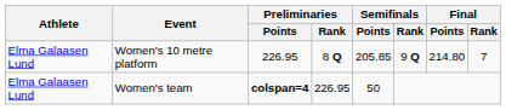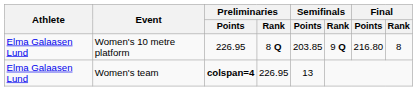 <table class="wikitable" style="text-align:center; font-size:90%;">
 <tr>
 <th rowspan=2>Athlete</th>
 <th rowspan=2>Event</th>
 <th colspan=2>Preliminaries</th>
 <th colspan=2>Semifinals</th>
 <th colspan=2>Final</th>
 </tr>
 <tr style="font-size:95%">
 <th>Points</th>
 <th>Rank</th>
 <th>Points</th>
 <th>Rank</th>
 <th>Points</th>
 <th>Rank</th>
 </tr>
 <tr>
 <td align=left><a href='#'>Elma Galaasen Lund</a></td>
 <td align=left>Women's 10 metre platform</td>
 <td>226.95</td>
 <td>8 <strong>Q</strong></td>
-<td>205.85</td>
+<td>203.85</td>
 <td>9 <strong>Q</strong></td>
-<td>214.80</td>
-<td>7</td>
+<td>216.80</td>
+<td>8</td>
 </tr>
 <tr>
 <td align=left><a href='#'>Elma Galaasen Lund</a></td>
 <td align=left>Women's team</td>
 <td><strong>colspan=4 </strong></td>
 <td>226.95</td>
-<td>50</td>
+<td>13</td>
 </tr>
 </table>
